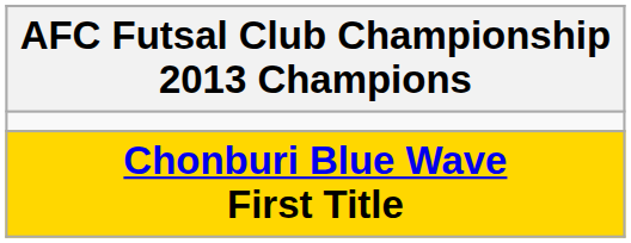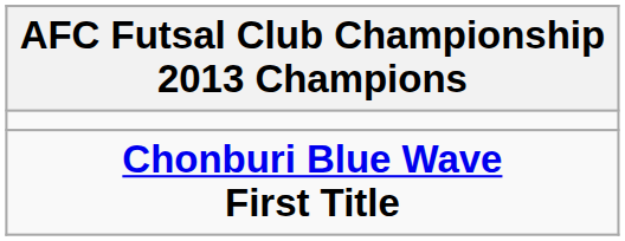 <table class="wikitable" style="text-align: center; margin: 0 auto; width: 20%">
 <tr>
 <th>AFC Futsal Club Championship <br>2013 Champions</th>
 </tr>
 <tr>
 <td></td>
 </tr>
 <tr>
-<td style="background: gold;"><strong><a href='#'>Chonburi Blue Wave</a></strong><br><strong>First Title</strong></td>
+<td><strong><a href='#'>Chonburi Blue Wave</a></strong><br><strong>First Title</strong></td>
 </tr>
 </table>
